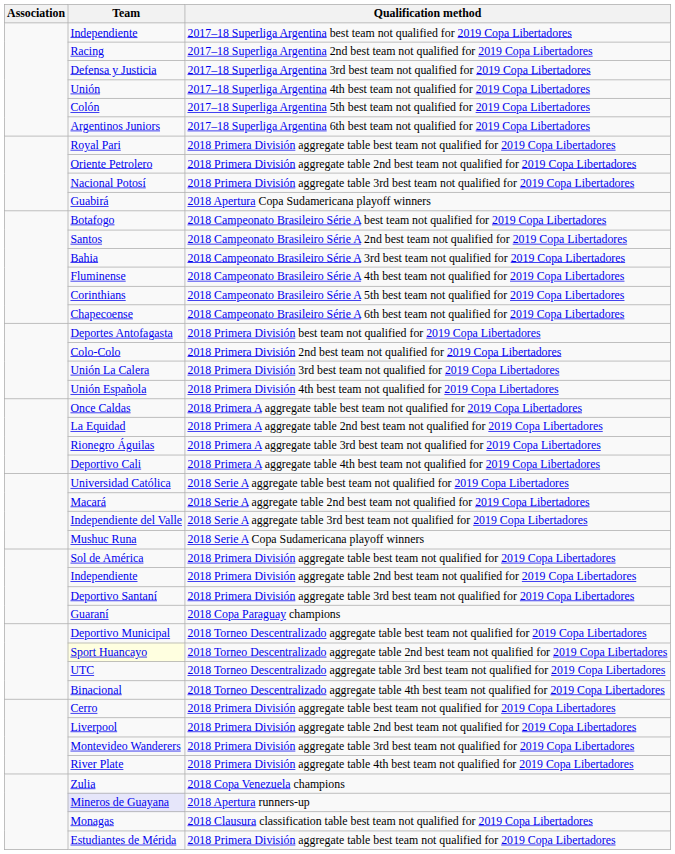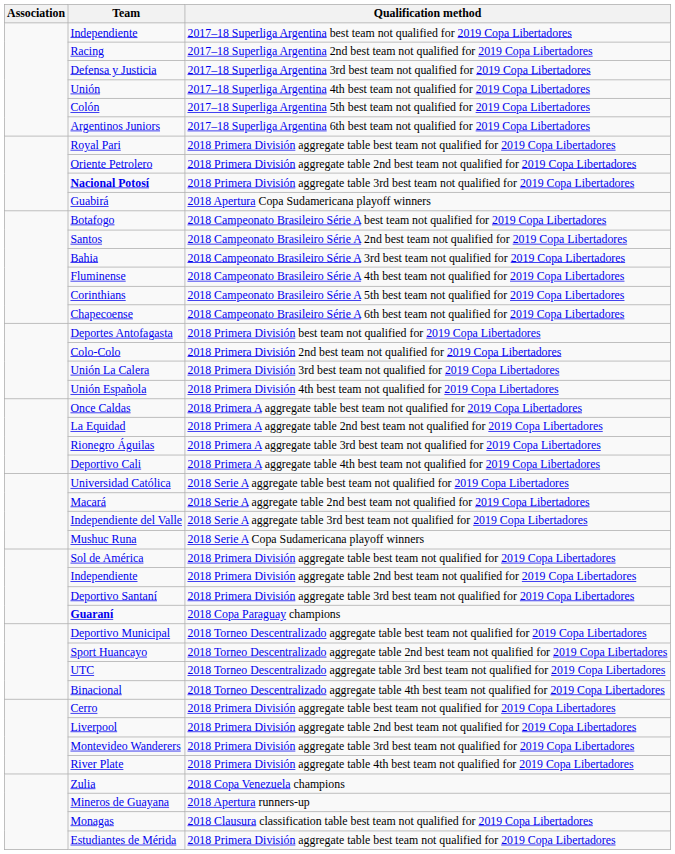 <table class="wikitable">
 <tr>
 <th>Association</th>
 <th>Team </th>
 <th>Qualification method</th>
 </tr>
 <tr>
 <td rowspan=6><br></td>
 <td><a href='#'>Independiente</a> </td>
 <td><a href='#'>2017–18 Superliga Argentina</a> best team not qualified for <a href='#'>2019 Copa Libertadores</a></td>
 </tr>
 <tr>
 <td><a href='#'>Racing</a> </td>
 <td><a href='#'>2017–18 Superliga Argentina</a> 2nd best team not qualified for <a href='#'>2019 Copa Libertadores</a></td>
 </tr>
 <tr>
 <td><a href='#'>Defensa y Justicia</a> </td>
 <td><a href='#'>2017–18 Superliga Argentina</a> 3rd best team not qualified for <a href='#'>2019 Copa Libertadores</a></td>
 </tr>
 <tr>
 <td><a href='#'>Unión</a> </td>
 <td><a href='#'>2017–18 Superliga Argentina</a> 4th best team not qualified for <a href='#'>2019 Copa Libertadores</a></td>
 </tr>
 <tr>
 <td><a href='#'>Colón</a> </td>
 <td><a href='#'>2017–18 Superliga Argentina</a> 5th best team not qualified for <a href='#'>2019 Copa Libertadores</a></td>
 </tr>
 <tr>
 <td><a href='#'>Argentinos Juniors</a> </td>
 <td><a href='#'>2017–18 Superliga Argentina</a> 6th best team not qualified for <a href='#'>2019 Copa Libertadores</a></td>
 </tr>
 <tr>
 <td rowspan=4><br></td>
 <td><a href='#'>Royal Pari</a> </td>
 <td><a href='#'>2018 Primera División</a> aggregate table best team not qualified for <a href='#'>2019 Copa Libertadores</a></td>
 </tr>
 <tr>
 <td><a href='#'>Oriente Petrolero</a> </td>
 <td><a href='#'>2018 Primera División</a> aggregate table 2nd best team not qualified for <a href='#'>2019 Copa Libertadores</a></td>
 </tr>
 <tr>
-<td><a href='#'>Nacional Potosí</a> </td>
+<td><strong><a href='#'>Nacional Potosí</a> </strong></td>
 <td><a href='#'>2018 Primera División</a> aggregate table 3rd best team not qualified for <a href='#'>2019 Copa Libertadores</a></td>
 </tr>
 <tr>
 <td><a href='#'>Guabirá</a> </td>
 <td><a href='#'>2018 Apertura</a> Copa Sudamericana playoff winners</td>
 </tr>
 <tr>
 <td rowspan=6><br></td>
 <td><a href='#'>Botafogo</a> </td>
 <td><a href='#'>2018 Campeonato Brasileiro Série A</a> best team not qualified for <a href='#'>2019 Copa Libertadores</a></td>
 </tr>
 <tr>
 <td><a href='#'>Santos</a> </td>
 <td><a href='#'>2018 Campeonato Brasileiro Série A</a> 2nd best team not qualified for <a href='#'>2019 Copa Libertadores</a></td>
 </tr>
 <tr>
 <td><a href='#'>Bahia</a> </td>
 <td><a href='#'>2018 Campeonato Brasileiro Série A</a> 3rd best team not qualified for <a href='#'>2019 Copa Libertadores</a></td>
 </tr>
 <tr>
 <td><a href='#'>Fluminense</a> </td>
 <td><a href='#'>2018 Campeonato Brasileiro Série A</a> 4th best team not qualified for <a href='#'>2019 Copa Libertadores</a></td>
 </tr>
 <tr>
 <td><a href='#'>Corinthians</a> </td>
 <td><a href='#'>2018 Campeonato Brasileiro Série A</a> 5th best team not qualified for <a href='#'>2019 Copa Libertadores</a></td>
 </tr>
 <tr>
 <td><a href='#'>Chapecoense</a> </td>
 <td><a href='#'>2018 Campeonato Brasileiro Série A</a> 6th best team not qualified for <a href='#'>2019 Copa Libertadores</a></td>
 </tr>
 <tr>
 <td rowspan=4><br></td>
 <td><a href='#'>Deportes Antofagasta</a> </td>
 <td><a href='#'>2018 Primera División</a> best team not qualified for <a href='#'>2019 Copa Libertadores</a></td>
 </tr>
 <tr>
 <td><a href='#'>Colo-Colo</a> </td>
 <td><a href='#'>2018 Primera División</a> 2nd best team not qualified for <a href='#'>2019 Copa Libertadores</a></td>
 </tr>
 <tr>
 <td><a href='#'>Unión La Calera</a> </td>
 <td><a href='#'>2018 Primera División</a> 3rd best team not qualified for <a href='#'>2019 Copa Libertadores</a></td>
 </tr>
 <tr>
 <td><a href='#'>Unión Española</a> </td>
 <td><a href='#'>2018 Primera División</a> 4th best team not qualified for <a href='#'>2019 Copa Libertadores</a></td>
 </tr>
 <tr>
 <td rowspan=4><br></td>
 <td><a href='#'>Once Caldas</a> </td>
 <td><a href='#'>2018 Primera A</a> aggregate table best team not qualified for <a href='#'>2019 Copa Libertadores</a></td>
 </tr>
 <tr>
 <td><a href='#'>La Equidad</a> </td>
 <td><a href='#'>2018 Primera A</a> aggregate table 2nd best team not qualified for <a href='#'>2019 Copa Libertadores</a></td>
 </tr>
 <tr>
 <td><a href='#'>Rionegro Águilas</a> </td>
 <td><a href='#'>2018 Primera A</a> aggregate table 3rd best team not qualified for <a href='#'>2019 Copa Libertadores</a></td>
 </tr>
 <tr>
 <td><a href='#'>Deportivo Cali</a> </td>
 <td><a href='#'>2018 Primera A</a> aggregate table 4th best team not qualified for <a href='#'>2019 Copa Libertadores</a></td>
 </tr>
 <tr>
 <td rowspan=4><br></td>
 <td><a href='#'>Universidad Católica</a> </td>
 <td><a href='#'>2018 Serie A</a> aggregate table best team not qualified for <a href='#'>2019 Copa Libertadores</a></td>
 </tr>
 <tr>
 <td><a href='#'>Macará</a> </td>
 <td><a href='#'>2018 Serie A</a> aggregate table 2nd best team not qualified for <a href='#'>2019 Copa Libertadores</a></td>
 </tr>
 <tr>
 <td><a href='#'>Independiente del Valle</a> </td>
 <td><a href='#'>2018 Serie A</a> aggregate table 3rd best team not qualified for <a href='#'>2019 Copa Libertadores</a></td>
 </tr>
 <tr>
 <td><a href='#'>Mushuc Runa</a> </td>
 <td><a href='#'>2018 Serie A</a> Copa Sudamericana playoff winners</td>
 </tr>
 <tr>
 <td rowspan=4><br></td>
 <td><a href='#'>Sol de América</a> </td>
 <td><a href='#'>2018 Primera División</a> aggregate table best team not qualified for <a href='#'>2019 Copa Libertadores</a></td>
 </tr>
 <tr>
 <td><a href='#'>Independiente</a> </td>
 <td><a href='#'>2018 Primera División</a> aggregate table 2nd best team not qualified for <a href='#'>2019 Copa Libertadores</a></td>
 </tr>
 <tr>
 <td><a href='#'>Deportivo Santaní</a> </td>
 <td><a href='#'>2018 Primera División</a> aggregate table 3rd best team not qualified for <a href='#'>2019 Copa Libertadores</a></td>
 </tr>
 <tr>
-<td><a href='#'>Guaraní</a> </td>
+<td><strong><a href='#'>Guaraní</a> </strong></td>
 <td><a href='#'>2018 Copa Paraguay</a> champions</td>
 </tr>
 <tr>
 <td rowspan=4><br></td>
 <td><a href='#'>Deportivo Municipal</a> </td>
 <td><a href='#'>2018 Torneo Descentralizado</a> aggregate table best team not qualified for <a href='#'>2019 Copa Libertadores</a></td>
 </tr>
 <tr>
-<td style="background: lightyellow;"><a href='#'>Sport Huancayo</a> </td>
+<td><a href='#'>Sport Huancayo</a> </td>
 <td><a href='#'>2018 Torneo Descentralizado</a> aggregate table 2nd best team not qualified for <a href='#'>2019 Copa Libertadores</a></td>
 </tr>
 <tr>
 <td><a href='#'>UTC</a> </td>
 <td><a href='#'>2018 Torneo Descentralizado</a> aggregate table 3rd best team not qualified for <a href='#'>2019 Copa Libertadores</a></td>
 </tr>
 <tr>
 <td><a href='#'>Binacional</a> </td>
 <td><a href='#'>2018 Torneo Descentralizado</a> aggregate table 4th best team not qualified for <a href='#'>2019 Copa Libertadores</a></td>
 </tr>
 <tr>
 <td rowspan=4><br></td>
 <td><a href='#'>Cerro</a> </td>
 <td><a href='#'>2018 Primera División</a> aggregate table best team not qualified for <a href='#'>2019 Copa Libertadores</a></td>
 </tr>
 <tr>
 <td><a href='#'>Liverpool</a> </td>
 <td><a href='#'>2018 Primera División</a> aggregate table 2nd best team not qualified for <a href='#'>2019 Copa Libertadores</a></td>
 </tr>
 <tr>
 <td><a href='#'>Montevideo Wanderers</a> </td>
 <td><a href='#'>2018 Primera División</a> aggregate table 3rd best team not qualified for <a href='#'>2019 Copa Libertadores</a></td>
 </tr>
 <tr>
 <td><a href='#'>River Plate</a> </td>
 <td><a href='#'>2018 Primera División</a> aggregate table 4th best team not qualified for <a href='#'>2019 Copa Libertadores</a></td>
 </tr>
 <tr>
 <td rowspan=4><br></td>
 <td><a href='#'>Zulia</a> </td>
 <td><a href='#'>2018 Copa Venezuela</a> champions</td>
 </tr>
 <tr>
-<td style="background: lavender;"><a href='#'>Mineros de Guayana</a> </td>
+<td><a href='#'>Mineros de Guayana</a> </td>
 <td><a href='#'>2018 Apertura</a> runners-up</td>
 </tr>
 <tr>
 <td><a href='#'>Monagas</a> </td>
 <td><a href='#'>2018 Clausura</a> classification table best team not qualified for <a href='#'>2019 Copa Libertadores</a></td>
 </tr>
 <tr>
 <td><a href='#'>Estudiantes de Mérida</a> </td>
 <td><a href='#'>2018 Primera División</a> aggregate table best team not qualified for <a href='#'>2019 Copa Libertadores</a></td>
 </tr>
 </table>
